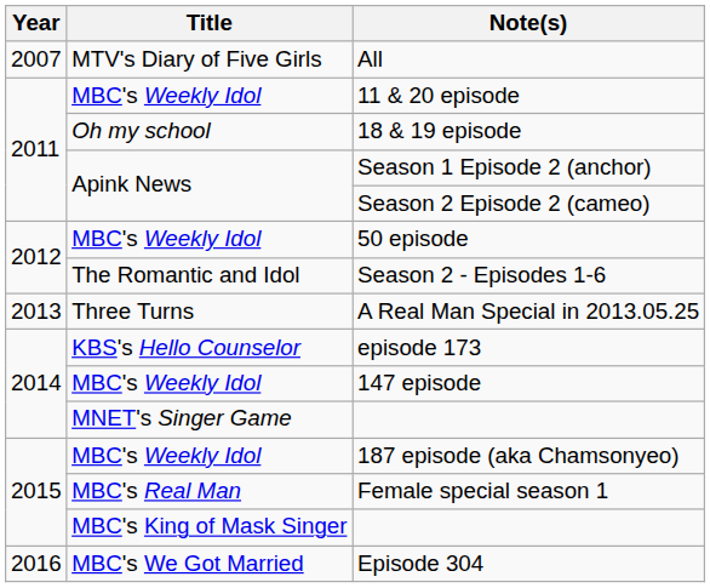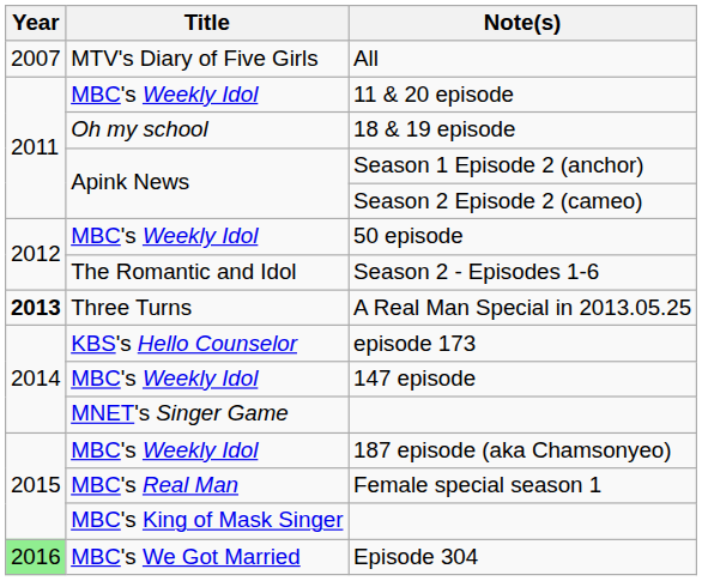 <table class="wikitable">
 <tr>
 <th>Year</th>
 <th>Title</th>
 <th>Note(s)</th>
 </tr>
 <tr>
 <td>2007</td>
 <td>MTV's Diary of Five Girls</td>
 <td>All</td>
 </tr>
 <tr>
 <td rowspan="4">2011</td>
 <td><a href='#'>MBC</a>'s <em><a href='#'>Weekly Idol</a></em></td>
 <td>11 & 20 episode</td>
 </tr>
 <tr>
 <td><em>Oh my school</em></td>
 <td>18 & 19 episode</td>
 </tr>
 <tr>
 <td rowspan="2">Apink News</td>
 <td>Season 1 Episode 2 (anchor)</td>
 </tr>
 <tr>
 <td>Season 2 Episode 2 (cameo)</td>
 </tr>
 <tr>
 <td rowspan="2">2012</td>
 <td><a href='#'>MBC</a>'s <em><a href='#'>Weekly Idol</a></em></td>
 <td>50 episode</td>
 </tr>
 <tr>
 <td>The Romantic and Idol</td>
 <td>Season 2 - Episodes 1-6</td>
 </tr>
 <tr>
-<td>2013</td>
+<td><strong>2013</strong></td>
 <td>Three Turns</td>
 <td>A Real Man Special in 2013.05.25</td>
 </tr>
 <tr>
 <td rowspan="3">2014</td>
 <td><a href='#'>KBS</a>'s <em><a href='#'>Hello Counselor</a></em></td>
 <td>episode 173</td>
 </tr>
 <tr>
 <td><a href='#'>MBC</a>'s <em><a href='#'>Weekly Idol</a></em></td>
 <td>147 episode</td>
 </tr>
 <tr>
 <td><a href='#'>MNET</a>'s <em>Singer Game</em></td>
 <td></td>
 </tr>
 <tr>
 <td rowspan="3">2015</td>
 <td><a href='#'>MBC</a>'s <em><a href='#'>Weekly Idol</a></em></td>
 <td>187 episode (aka Chamsonyeo)</td>
 </tr>
 <tr>
 <td><a href='#'>MBC</a>'s <em><a href='#'>Real Man</a></em></td>
 <td>Female special season 1</td>
 </tr>
 <tr>
 <td><a href='#'>MBC</a>'s <a href='#'>King of Mask Singer</a></td>
 <td></td>
 </tr>
 <tr>
-<td>2016</td>
+<td style="background: lightgreen;">2016</td>
 <td><a href='#'>MBC</a>'s <a href='#'>We Got Married</a></td>
 <td>Episode 304</td>
 </tr>
 </table>
